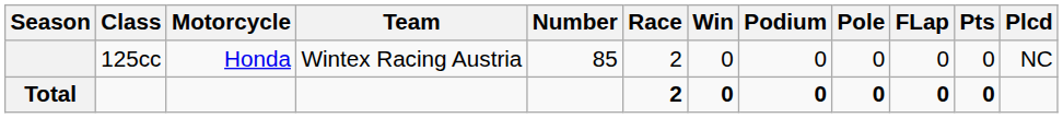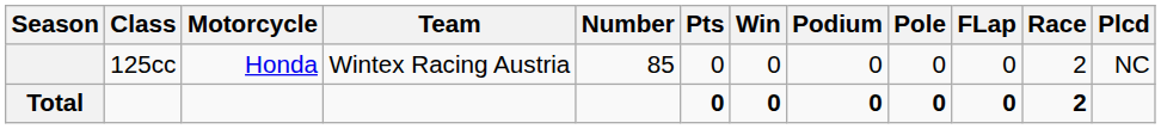 <table class="wikitable">
 <tr>
 <th>Season</th>
 <th>Class</th>
 <th>Motorcycle</th>
 <th>Team</th>
 <th>Number</th>
-<th>Race</th>
+<th>Pts</th>
 <th>Win</th>
 <th>Podium</th>
 <th>Pole</th>
 <th>FLap</th>
-<th>Pts</th>
+<th>Race</th>
 <th>Plcd</th>
 </tr>
 <tr align="right">
 <th></th>
 <td>125cc</td>
 <td><a href='#'>Honda</a></td>
 <td>Wintex Racing Austria</td>
 <td>85</td>
-<td>2</td>
 <td>0</td>
 <td>0</td>
 <td>0</td>
 <td>0</td>
 <td>0</td>
+<td>2</td>
 <td>NC</td>
 </tr>
 <tr align="right">
 <th>Total</th>
 <td></td>
 <td></td>
 <td></td>
 <td></td>
-<td><strong>2</strong></td>
 <td><strong>0</strong></td>
 <td><strong>0</strong></td>
 <td><strong>0</strong></td>
 <td><strong>0</strong></td>
 <td><strong>0</strong></td>
+<td><strong>2</strong></td>
 <td></td>
 </tr>
 </table>
